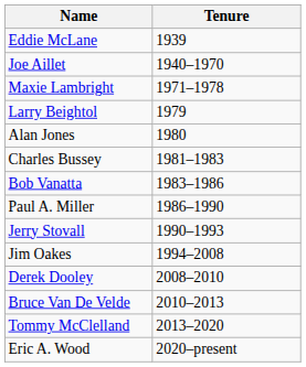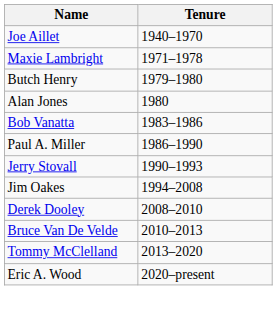 <table class="wikitable">
 <tr>
 <th width=150px>Name</th>
 <th width=150px>Tenure</th>
-</tr>
-<tr>
-<td><a href='#'>Eddie McLane</a></td>
-<td>1939</td>
 </tr>
 <tr>
 <td><a href='#'>Joe Aillet</a></td>
 <td>1940–1970</td>
 </tr>
 <tr>
 <td><a href='#'>Maxie Lambright</a></td>
 <td>1971–1978</td>
 </tr>
 <tr>
-<td><a href='#'>Larry Beightol</a></td>
-<td>1979</td>
+<td>Butch Henry</td>
+<td>1979–1980</td>
 </tr>
 <tr>
 <td>Alan Jones</td>
 <td>1980</td>
-</tr>
-<tr>
-<td>Charles Bussey</td>
-<td>1981–1983</td>
 </tr>
 <tr>
 <td><a href='#'>Bob Vanatta</a></td>
 <td>1983–1986</td>
 </tr>
 <tr>
 <td>Paul A. Miller</td>
 <td>1986–1990</td>
 </tr>
 <tr>
 <td><a href='#'>Jerry Stovall</a></td>
 <td>1990–1993</td>
 </tr>
 <tr>
 <td>Jim Oakes</td>
 <td>1994–2008</td>
 </tr>
 <tr>
 <td><a href='#'>Derek Dooley</a></td>
 <td>2008–2010</td>
 </tr>
 <tr>
 <td><a href='#'>Bruce Van De Velde</a></td>
 <td>2010–2013</td>
 </tr>
 <tr>
 <td><a href='#'>Tommy McClelland</a></td>
 <td>2013–2020</td>
 </tr>
 <tr>
 <td>Eric A. Wood</td>
 <td>2020–present</td>
 </tr>
 </table>
